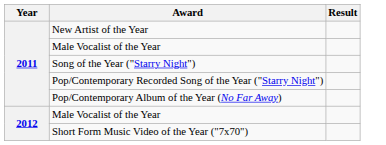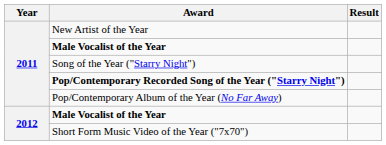 <table class="wikitable">
 <tr>
 <th width="60px">Year</th>
 <th>Award</th>
 <th>Result</th>
 </tr>
 <tr>
 <th rowspan="5"><a href='#'>2011</a></th>
 <td>New Artist of the Year</td>
 <td></td>
 </tr>
 <tr>
-<td>Male Vocalist of the Year</td>
+<td><strong>Male Vocalist of the Year</strong></td>
 <td></td>
 </tr>
 <tr>
 <td>Song of the Year ("<a href='#'>Starry Night</a>")</td>
 <td></td>
 </tr>
 <tr>
-<td>Pop/Contemporary Recorded Song of the Year ("<a href='#'>Starry Night</a>")</td>
+<td><strong>Pop/Contemporary Recorded Song of the Year ("<a href='#'>Starry Night</a>")</strong></td>
 <td></td>
 </tr>
 <tr>
 <td>Pop/Contemporary Album of the Year (<em><a href='#'>No Far Away</a></em>)</td>
 <td></td>
 </tr>
 <tr>
 <th rowspan="2"><a href='#'>2012</a></th>
-<td>Male Vocalist of the Year</td>
+<td><strong>Male Vocalist of the Year</strong></td>
 <td></td>
 </tr>
 <tr>
 <td>Short Form Music Video of the Year ("7x70")</td>
 <td></td>
 </tr>
 </table>
